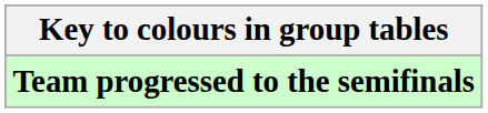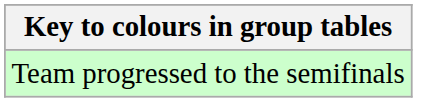 <table class="wikitable">
 <tr>
 <th>Key to colours in group tables</th>
 </tr>
 <tr style="background:#cfc">
-<td><strong>Team progressed to the semifinals</strong></td>
+<td>Team progressed to the semifinals</td>
 </tr>
 </table>
